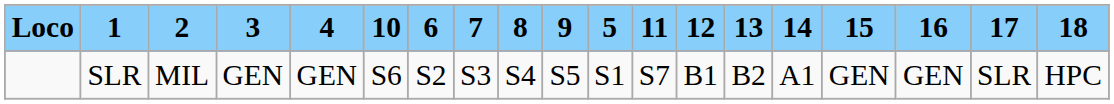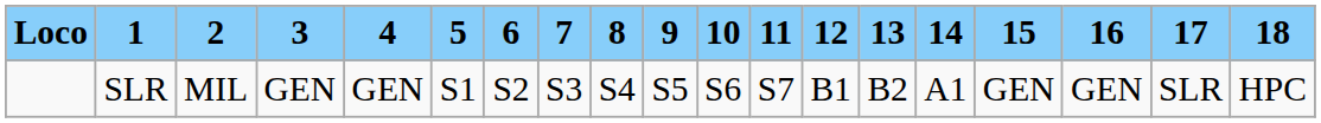 <table class="wikitable plainrowheaders unsortable" style="text-align:center">
 <tr>
 <th scope="col" rowspan="1" style="background:lightskyblue;">Loco</th>
 <th scope="col" rowspan="1" style="background:lightskyblue;">1</th>
 <th scope="col" rowspan="1" style="background:lightskyblue;">2</th>
 <th scope="col" rowspan="1" style="background:lightskyblue;">3</th>
 <th scope="col" rowspan="1" style="background:lightskyblue;">4</th>
-<th scope="col" rowspan="1" style="background:lightskyblue;">10</th>
+<th scope="col" rowspan="1" style="background:lightskyblue;">5</th>
 <th scope="col" rowspan="1" style="background:lightskyblue;">6</th>
 <th scope="col" rowspan="1" style="background:lightskyblue;">7</th>
 <th scope="col" rowspan="1" style="background:lightskyblue;">8</th>
 <th scope="col" rowspan="1" style="background:lightskyblue;">9</th>
-<th scope="col" rowspan="1" style="background:lightskyblue;">5</th>
+<th scope="col" rowspan="1" style="background:lightskyblue;">10</th>
 <th scope="col" rowspan="1" style="background:lightskyblue;">11</th>
 <th scope="col" rowspan="1" style="background:lightskyblue;">12</th>
 <th scope="col" rowspan="1" style="background:lightskyblue;">13</th>
 <th scope="col" rowspan="1" style="background:lightskyblue;">14</th>
 <th scope="col" rowspan="1" style="background:lightskyblue;">15</th>
 <th scope="col" rowspan="1" style="background:lightskyblue;">16</th>
 <th scope="col" rowspan="1" style="background:lightskyblue;">17</th>
 <th scope="col" rowspan="1" style="background:lightskyblue;">18</th>
 </tr>
 <tr>
 <td></td>
 <td>SLR</td>
 <td>MIL</td>
 <td>GEN</td>
 <td>GEN</td>
-<td>S6</td>
+<td>S1</td>
 <td>S2</td>
 <td>S3</td>
 <td>S4</td>
 <td>S5</td>
-<td>S1</td>
+<td>S6</td>
 <td>S7</td>
 <td>B1</td>
 <td>B2</td>
 <td>A1</td>
 <td>GEN</td>
 <td>GEN</td>
 <td>SLR</td>
 <td>HPC</td>
 </tr>
 </table>
